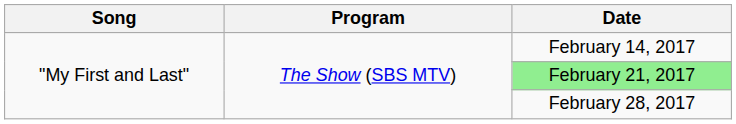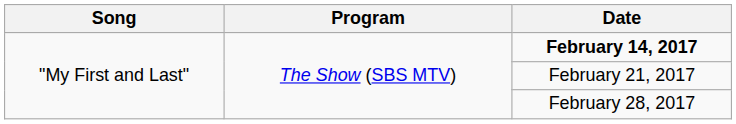 <table class="wikitable" style="text-align:center; width:650px;">
 <tr>
 <th style="width:150px;">Song</th>
 <th style="width:200px;">Program</th>
 <th style="width:150px;">Date</th>
 </tr>
 <tr>
 <td rowspan="3">"My First and Last"</td>
 <td rowspan="3"><em><a href='#'>The Show</a></em> (<a href='#'>SBS MTV</a>)</td>
-<td>February 14, 2017</td>
+<td><strong>February 14, 2017</strong></td>
 </tr>
 <tr>
-<td style="background: lightgreen;">February 21, 2017</td>
+<td>February 21, 2017</td>
 </tr>
 <tr>
 <td>February 28, 2017</td>
 </tr>
 </table>
